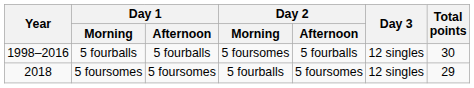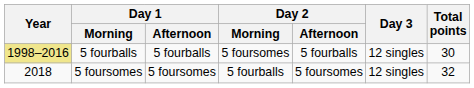 <table class="wikitable" style="text-align:center;">
 <tr>
 <th rowspan=2>Year</th>
 <th colspan=2>Day 1</th>
 <th colspan=2>Day 2</th>
 <th colspan=2 rowspan=2>Day 3</th>
 <th rowspan=2>Total<br>points</th>
 </tr>
 <tr>
 <th>Morning</th>
 <th>Afternoon</th>
 <th>Morning</th>
 <th>Afternoon</th>
 </tr>
 <tr>
-<td>1998–2016</td>
+<td style="background: khaki;">1998–2016</td>
 <td>5 fourballs</td>
 <td>5 fourballs</td>
 <td>5 foursomes</td>
 <td>5 fourballs</td>
 <td colspan=2>12 singles</td>
 <td>30</td>
 </tr>
 <tr>
 <td>2018</td>
 <td>5 foursomes</td>
 <td>5 foursomes</td>
 <td>5 fourballs</td>
 <td>5 foursomes</td>
 <td colspan=2>12 singles</td>
-<td>29</td>
+<td>32</td>
 </tr>
 </table>
